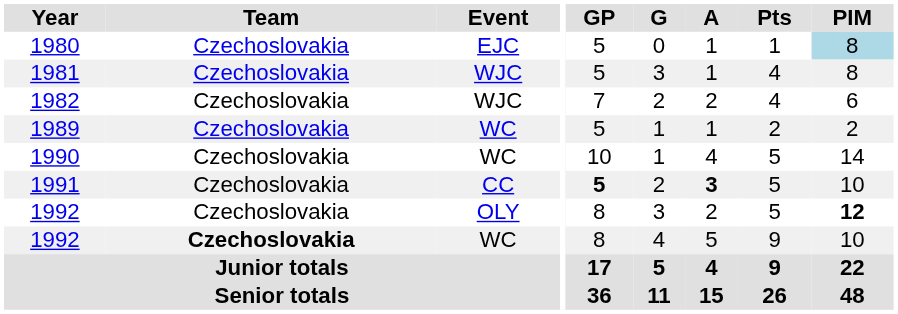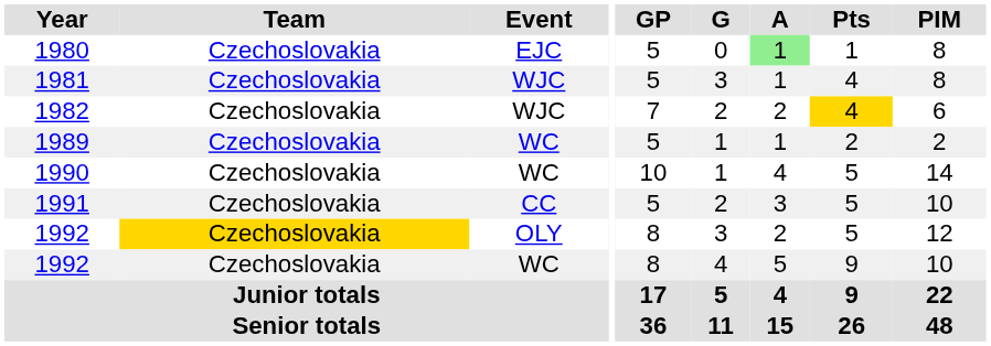 <table border="0" cellpadding="1" cellspacing="0" ID="Table3" style="text-align:center; width:40em">
 <tr bgcolor="#e0e0e0">
 <th>Year</th>
 <th>Team</th>
 <th>Event</th>
 <th rowspan="102" bgcolor="#ffffff"></th>
 <th>GP</th>
 <th>G</th>
 <th>A</th>
 <th>Pts</th>
 <th>PIM</th>
 </tr>
 <tr>
 <td><a href='#'>1980</a></td>
 <td><a href='#'>Czechoslovakia</a></td>
 <td><a href='#'>EJC</a></td>
 <td>5</td>
 <td>0</td>
+<td style="background: lightgreen;">1</td>
 <td>1</td>
-<td>1</td>
-<td style="background: lightblue;">8</td>
+<td>8</td>
 </tr>
 <tr bgcolor="#f0f0f0">
 <td><a href='#'>1981</a></td>
 <td><a href='#'>Czechoslovakia</a></td>
 <td><a href='#'>WJC</a></td>
 <td>5</td>
 <td>3</td>
 <td>1</td>
 <td>4</td>
 <td>8</td>
 </tr>
 <tr>
 <td><a href='#'>1982</a></td>
 <td>Czechoslovakia</td>
 <td>WJC</td>
 <td>7</td>
 <td>2</td>
 <td>2</td>
-<td>4</td>
+<td style="background: gold;">4</td>
 <td>6</td>
 </tr>
 <tr bgcolor="#f0f0f0">
 <td><a href='#'>1989</a></td>
 <td><a href='#'>Czechoslovakia</a></td>
 <td><a href='#'>WC</a></td>
 <td>5</td>
 <td>1</td>
 <td>1</td>
 <td>2</td>
 <td>2</td>
 </tr>
 <tr>
 <td><a href='#'>1990</a></td>
 <td>Czechoslovakia</td>
 <td>WC</td>
 <td>10</td>
 <td>1</td>
 <td>4</td>
 <td>5</td>
 <td>14</td>
 </tr>
 <tr bgcolor="#f0f0f0">
 <td><a href='#'>1991</a></td>
 <td>Czechoslovakia</td>
 <td><a href='#'>CC</a></td>
-<td><strong>5</strong></td>
+<td>5</td>
 <td>2</td>
-<td><strong>3</strong></td>
+<td>3</td>
 <td>5</td>
 <td>10</td>
 </tr>
 <tr>
 <td><a href='#'>1992</a></td>
-<td>Czechoslovakia</td>
+<td style="background: gold;">Czechoslovakia</td>
 <td><a href='#'>OLY</a></td>
 <td>8</td>
 <td>3</td>
 <td>2</td>
 <td>5</td>
-<td><strong>12</strong></td>
+<td>12</td>
 </tr>
 <tr bgcolor="#f0f0f0">
 <td><a href='#'>1992</a></td>
-<td><strong>Czechoslovakia</strong></td>
+<td>Czechoslovakia</td>
 <td>WC</td>
 <td>8</td>
 <td>4</td>
 <td>5</td>
 <td>9</td>
 <td>10</td>
 </tr>
 <tr bgcolor="#e0e0e0">
 <th colspan=3>Junior totals</th>
 <th>17</th>
 <th>5</th>
 <th>4</th>
 <th>9</th>
 <th>22</th>
 </tr>
 <tr bgcolor="#e0e0e0">
 <th colspan=3>Senior totals</th>
 <th>36</th>
 <th>11</th>
 <th>15</th>
 <th>26</th>
 <th>48</th>
 </tr>
 </table>
